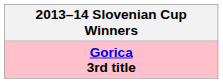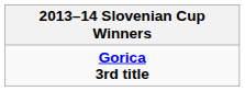 <table class="wikitable" style="text-align: center; margin: 0 auto; width: 20%">
 <tr>
 <th>2013–14 Slovenian Cup<br> Winners</th>
 </tr>
 <tr>
-<td style="background: pink;"><strong><a href='#'>Gorica</a></strong><br><strong>3rd title</strong></td>
+<td><strong><a href='#'>Gorica</a></strong><br><strong>3rd title</strong></td>
 </tr>
 </table>
